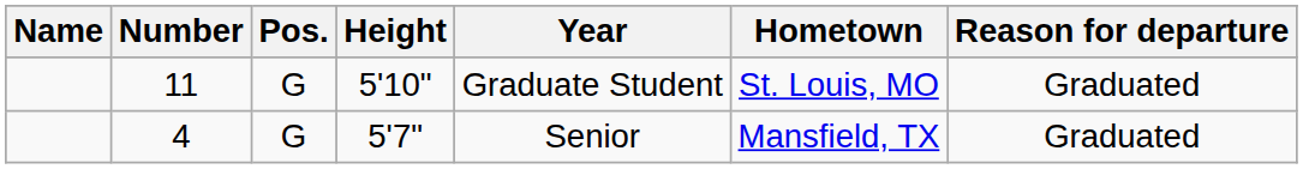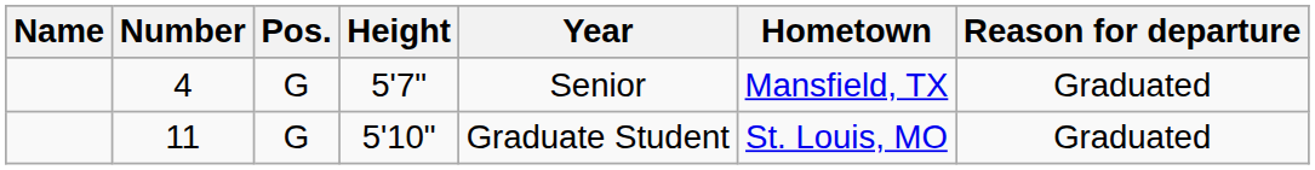 <table class="wikitable sortable" border="1">
 <tr>
 <th style="text-align:center; ">Name</th>
 <th style="text-align:center; ">Number</th>
 <th style="text-align:center; ">Pos.</th>
 <th style="text-align:center; ">Height</th>
 <th style="text-align:center; ">Year</th>
 <th style="text-align:center; ">Hometown</th>
 <th style="text-align:center; ">Reason for departure</th>
 </tr>
 <tr align="center">
 <td></td>
+<td>4</td>
+<td>G</td>
+<td>5'7"</td>
+<td>Senior</td>
+<td><a href='#'>Mansfield, TX</a></td>
+<td>Graduated</td>
+</tr>
+<tr align="center">
+<td></td>
 <td>11</td>
 <td>G</td>
 <td>5'10"</td>
 <td>Graduate Student</td>
 <td><a href='#'>St. Louis, MO</a></td>
 <td>Graduated</td>
 </tr>
-<tr align="center">
-<td></td>
-<td>4</td>
-<td>G</td>
-<td>5'7"</td>
-<td>Senior</td>
-<td><a href='#'>Mansfield, TX</a></td>
-<td>Graduated</td>
-</tr>
 </table>
